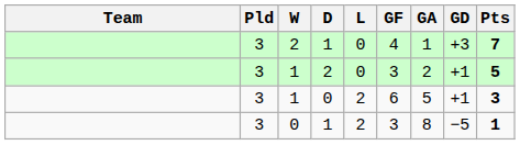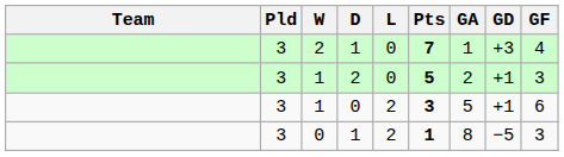 <table class="wikitable" style="text-align:center">
 <tr>
 <th width=180>Team</th>
 <th width=20>Pld</th>
 <th width=20>W</th>
 <th width=20>D</th>
 <th width=20>L</th>
-<th width=20>GF</th>
+<th width=20>Pts</th>
 <th width=20>GA</th>
 <th width=20>GD</th>
-<th width=20>Pts</th>
+<th width=20>GF</th>
 </tr>
 <tr bgcolor="#ccffcc">
 <td align="left"></td>
 <td>3</td>
 <td>2</td>
 <td>1</td>
 <td>0</td>
-<td>4</td>
+<td><strong>7</strong></td>
 <td>1</td>
 <td>+3</td>
-<td><strong>7</strong></td>
+<td>4</td>
 </tr>
 <tr bgcolor="#ccffcc">
 <td align="left"></td>
 <td>3</td>
 <td>1</td>
 <td>2</td>
 <td>0</td>
-<td>3</td>
+<td><strong>5</strong></td>
 <td>2</td>
 <td>+1</td>
-<td><strong>5</strong></td>
+<td>3</td>
 </tr>
 <tr>
 <td align="left"></td>
 <td>3</td>
 <td>1</td>
 <td>0</td>
 <td>2</td>
-<td>6</td>
+<td><strong>3</strong></td>
 <td>5</td>
 <td>+1</td>
-<td><strong>3</strong></td>
+<td>6</td>
 </tr>
 <tr>
 <td align="left"></td>
 <td>3</td>
 <td>0</td>
 <td>1</td>
 <td>2</td>
-<td>3</td>
+<td><strong>1</strong></td>
 <td>8</td>
 <td>−5</td>
-<td><strong>1</strong></td>
+<td>3</td>
 </tr>
 </table>
